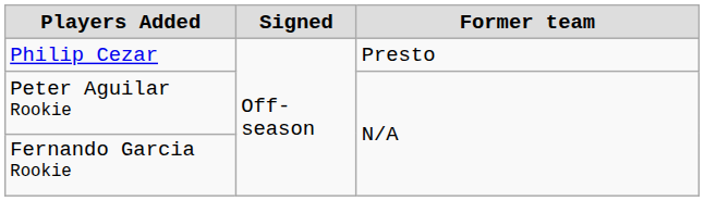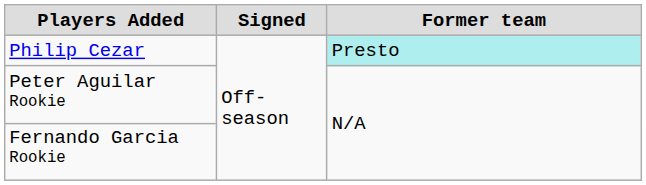 <table class="wikitable sortable sortable">
 <tr align="center" bgcolor="#dddddd">
 <td style="width:140px"><strong>Players Added</strong></td>
 <td style="width:70px"><strong>Signed</strong></td>
 <td style="width:210px"><strong>Former team</strong></td>
 </tr>
 <tr>
 <td><a href='#'>Philip Cezar</a></td>
 <td rowspan="3">Off-season</td>
-<td>Presto</td>
+<td style="background: paleturquoise;">Presto</td>
 </tr>
 <tr>
 <td>Peter Aguilar <sup>Rookie</sup></td>
 <td rowspan="2">N/A</td>
 </tr>
 <tr>
 <td>Fernando Garcia <sup>Rookie</sup></td>
 </tr>
 </table>
